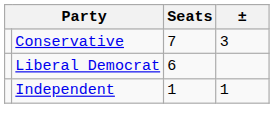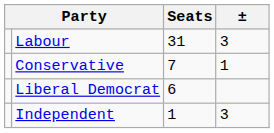 <table class="wikitable">
 <tr>
 <th colspan="2">Party</th>
 <th>Seats</th>
 <th>  ±  </th>
 </tr>
 <tr>
 <td style="background-color: "></td>
+<td><a href='#'>Labour</a></td>
+<td>31</td>
+<td> 3</td>
+</tr>
+<tr>
+<td style="background-color: "></td>
 <td><a href='#'>Conservative</a></td>
 <td>7</td>
-<td> 3</td>
+<td> 1</td>
 </tr>
 <tr>
 <td style="background-color: "></td>
 <td><a href='#'>Liberal Democrat</a></td>
 <td>6</td>
 <td></td>
 </tr>
 <tr>
 <td style="background-color: "></td>
 <td><a href='#'>Independent</a></td>
 <td>1</td>
-<td> 1</td>
+<td> 3</td>
 </tr>
 </table>
